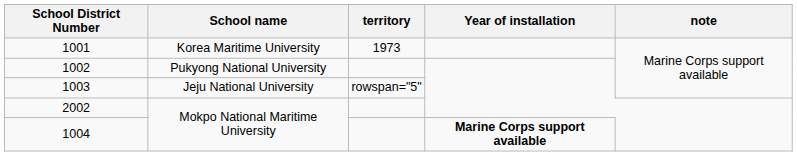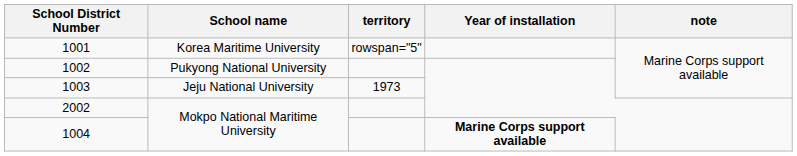 <table class="wikitable" style="width:80%; text-align:center;">
 <tr>
 <th>School District Number</th>
 <th>School name</th>
 <th>territory</th>
 <th>Year of installation</th>
 <th>note</th>
 </tr>
 <tr>
 <td>1001</td>
 <td>Korea Maritime University</td>
-<td>1973</td>
+<td>rowspan="5" </td>
 <td></td>
 <td rowspan="3">Marine Corps support available</td>
 </tr>
 <tr>
 <td>1002</td>
 <td>Pukyong National University</td>
 <td></td>
 </tr>
 <tr>
 <td>1003</td>
 <td>Jeju National University</td>
-<td>rowspan="5" </td>
+<td>1973</td>
 </tr>
 <tr>
 <td>2002</td>
 <td rowspan="2">Mokpo National Maritime University</td>
 <td></td>
 </tr>
 <tr>
 <td>1004</td>
 <td></td>
 <td><strong>Marine Corps support available</strong></td>
 </tr>
 </table>
